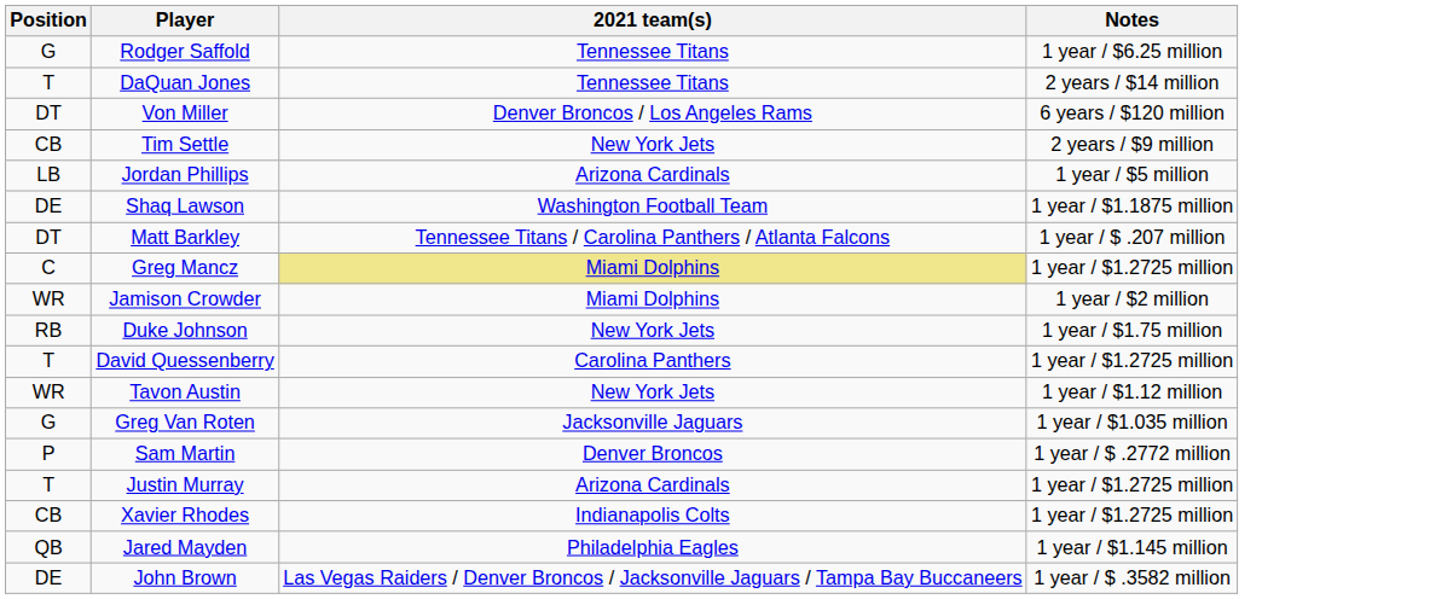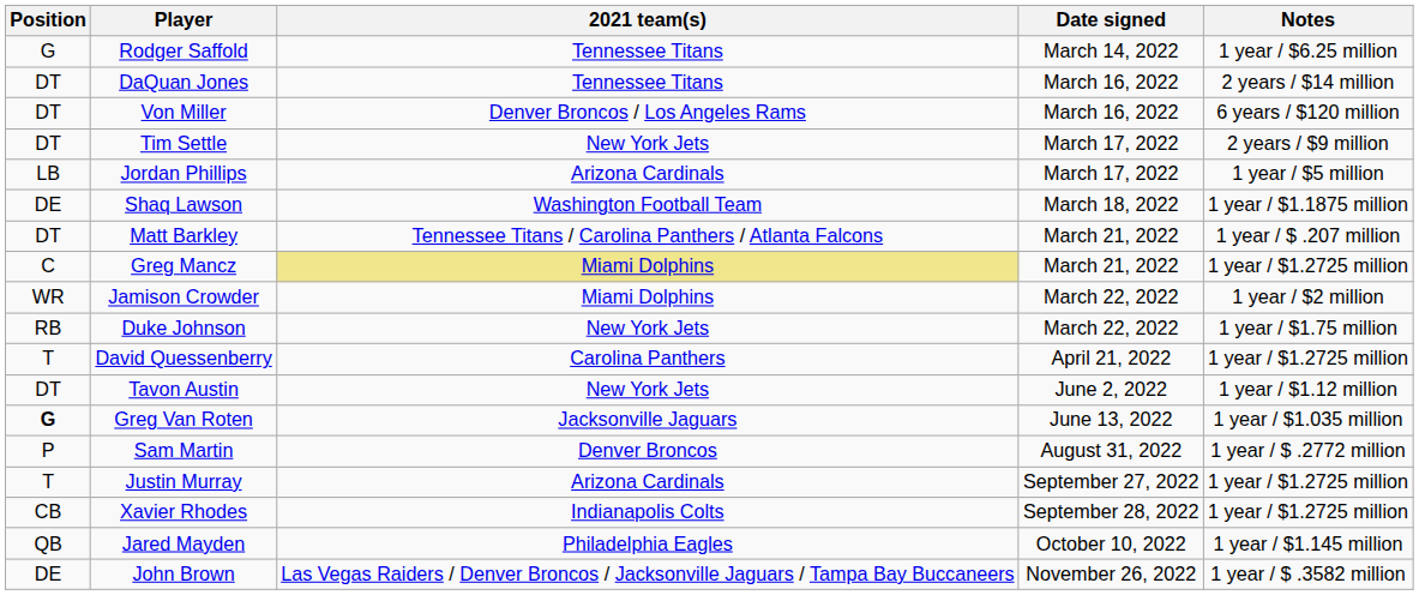 <table class="wikitable sortable" style="text-align:center">
 <tr>
 <th>Position</th>
 <th>Player</th>
 <th>2021 team(s)</th>
+<th>Date signed</th>
 <th>Notes</th>
 </tr>
 <tr>
 <td>G</td>
 <td><a href='#'>Rodger Saffold</a></td>
 <td><a href='#'>Tennessee Titans</a></td>
+<td>March 14, 2022</td>
 <td>1 year / $6.25 million</td>
 </tr>
 <tr>
-<td>T</td>
+<td>DT</td>
 <td><a href='#'>DaQuan Jones</a></td>
 <td><a href='#'>Tennessee Titans</a></td>
+<td>March 16, 2022</td>
 <td>2 years / $14 million</td>
 </tr>
 <tr>
 <td>DT</td>
 <td><a href='#'>Von Miller</a></td>
 <td><a href='#'>Denver Broncos</a> / <a href='#'>Los Angeles Rams</a></td>
+<td>March 16, 2022</td>
 <td>6 years / $120 million</td>
 </tr>
 <tr>
-<td>CB</td>
+<td>DT</td>
 <td><a href='#'>Tim Settle</a></td>
 <td><a href='#'>New York Jets</a></td>
+<td>March 17, 2022</td>
 <td>2 years / $9 million</td>
 </tr>
 <tr>
 <td>LB</td>
 <td><a href='#'>Jordan Phillips</a></td>
 <td><a href='#'>Arizona Cardinals</a></td>
+<td>March 17, 2022</td>
 <td>1 year / $5 million</td>
 </tr>
 <tr>
 <td>DE</td>
 <td><a href='#'>Shaq Lawson</a></td>
 <td><a href='#'>Washington Football Team</a></td>
+<td>March 18, 2022</td>
 <td>1 year / $1.1875 million</td>
 </tr>
 <tr>
 <td>DT</td>
 <td><a href='#'>Matt Barkley</a></td>
 <td><a href='#'>Tennessee Titans</a> / <a href='#'>Carolina Panthers</a> / <a href='#'>Atlanta Falcons</a></td>
+<td>March 21, 2022</td>
 <td>1 year / $ .207 million</td>
 </tr>
 <tr>
 <td>C</td>
 <td><a href='#'>Greg Mancz</a></td>
 <td style="background: khaki;"><a href='#'>Miami Dolphins</a></td>
+<td>March 21, 2022</td>
 <td>1 year / $1.2725 million</td>
 </tr>
 <tr>
 <td>WR</td>
 <td><a href='#'>Jamison Crowder</a></td>
 <td><a href='#'>Miami Dolphins</a></td>
+<td>March 22, 2022</td>
 <td>1 year / $2 million</td>
 </tr>
 <tr>
 <td>RB</td>
 <td><a href='#'>Duke Johnson</a></td>
 <td><a href='#'>New York Jets</a></td>
+<td>March 22, 2022</td>
 <td>1 year / $1.75 million</td>
 </tr>
 <tr>
 <td>T</td>
 <td><a href='#'>David Quessenberry</a></td>
 <td><a href='#'>Carolina Panthers</a></td>
+<td>April 21, 2022</td>
 <td>1 year / $1.2725 million</td>
 </tr>
 <tr>
-<td>WR</td>
+<td>DT</td>
 <td><a href='#'>Tavon Austin</a></td>
 <td><a href='#'>New York Jets</a></td>
+<td>June 2, 2022</td>
 <td>1 year / $1.12 million</td>
 </tr>
 <tr>
-<td>G</td>
+<td><strong>G</strong></td>
 <td><a href='#'>Greg Van Roten</a></td>
 <td><a href='#'>Jacksonville Jaguars</a></td>
+<td>June 13, 2022</td>
 <td>1 year / $1.035 million</td>
 </tr>
 <tr>
 <td>P</td>
 <td><a href='#'>Sam Martin</a></td>
 <td><a href='#'>Denver Broncos</a></td>
+<td>August 31, 2022</td>
 <td>1 year / $ .2772 million</td>
 </tr>
 <tr>
 <td>T</td>
 <td><a href='#'>Justin Murray</a></td>
 <td><a href='#'>Arizona Cardinals</a></td>
+<td>September 27, 2022</td>
 <td>1 year / $1.2725 million</td>
 </tr>
 <tr>
 <td>CB</td>
 <td><a href='#'>Xavier Rhodes</a></td>
 <td><a href='#'>Indianapolis Colts</a></td>
+<td>September 28, 2022</td>
 <td>1 year / $1.2725 million</td>
 </tr>
 <tr>
 <td>QB</td>
 <td><a href='#'>Jared Mayden</a></td>
 <td><a href='#'>Philadelphia Eagles</a></td>
+<td>October 10, 2022</td>
 <td>1 year / $1.145 million</td>
 </tr>
 <tr>
 <td>DE</td>
 <td><a href='#'>John Brown</a></td>
 <td><a href='#'>Las Vegas Raiders</a> / <a href='#'>Denver Broncos</a> / <a href='#'>Jacksonville Jaguars</a> / <a href='#'>Tampa Bay Buccaneers</a></td>
+<td>November 26, 2022</td>
 <td>1 year / $ .3582 million</td>
 </tr>
 </table>
